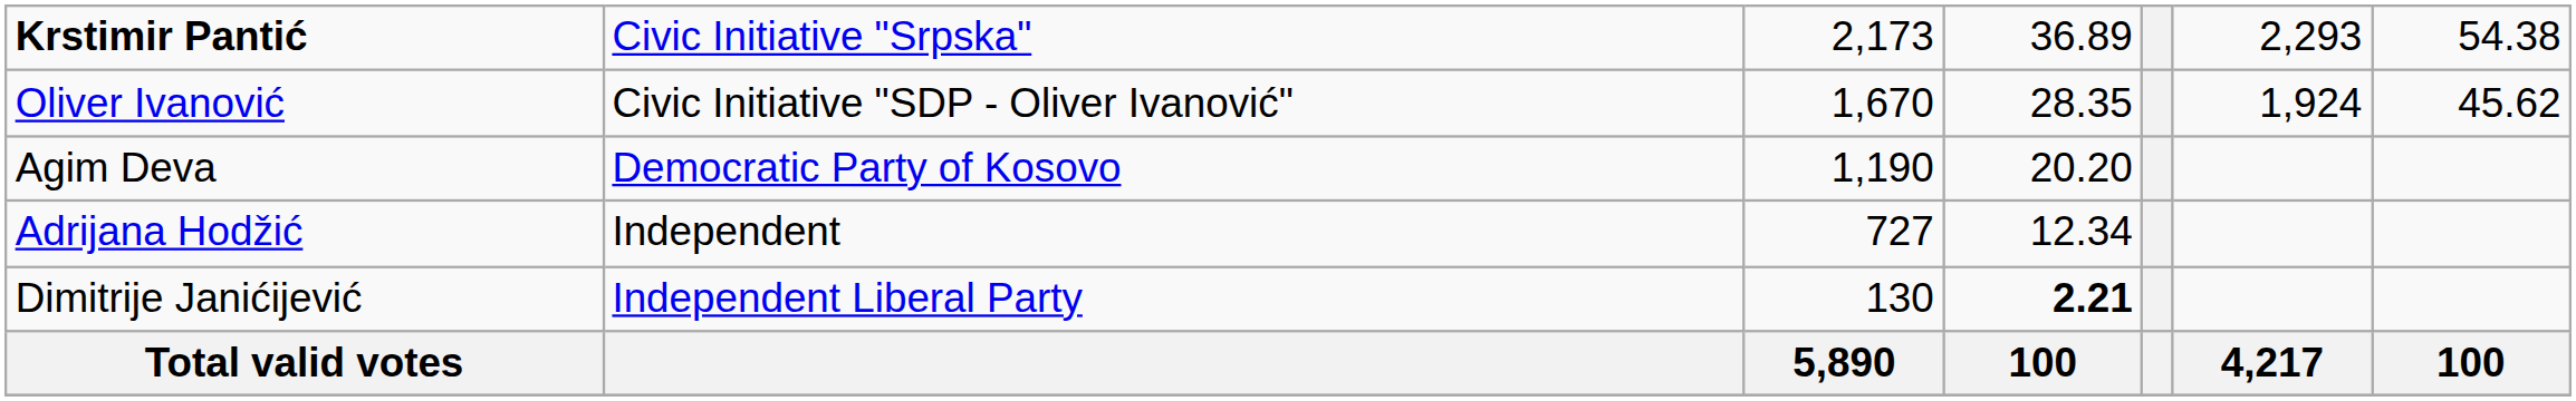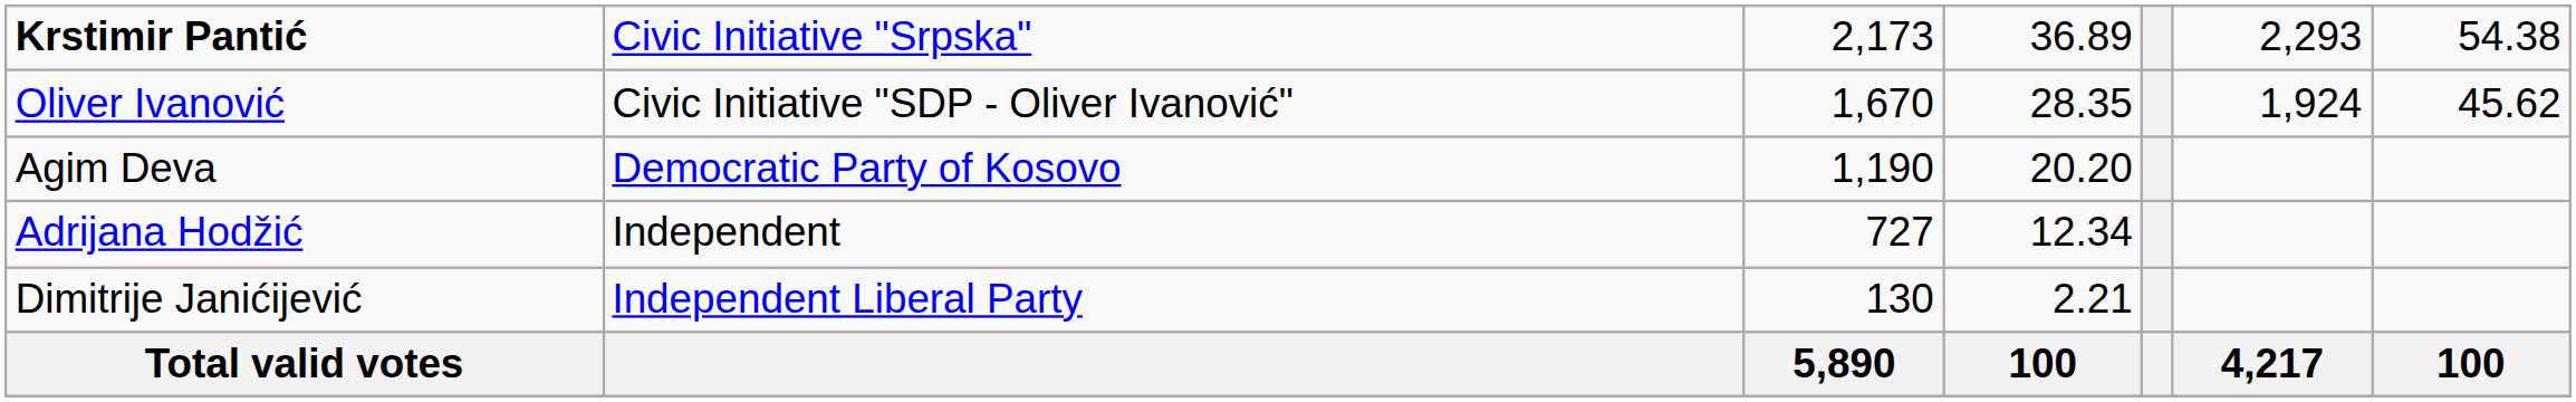 <table style="width:1000px;" class="wikitable">
 <tr>
 <td align="left"><strong>Krstimir Pantić</strong></td>
 <td align="left"><a href='#'>Civic Initiative "Srpska"</a></td>
 <td align="right">2,173</td>
 <td align="right">36.89</td>
 <th align="left"></th>
 <td align="right">2,293</td>
 <td align="right">54.38</td>
 </tr>
 <tr>
 <td align="left"><a href='#'>Oliver Ivanović</a></td>
 <td align="left">Civic Initiative "SDP - Oliver Ivanović"</td>
 <td align="right">1,670</td>
 <td align="right">28.35</td>
 <th align="left"></th>
 <td align="right">1,924</td>
 <td align="right">45.62</td>
 </tr>
 <tr>
 <td align="left">Agim Deva</td>
 <td align="left"><a href='#'>Democratic Party of Kosovo</a></td>
 <td align="right">1,190</td>
 <td align="right">20.20</td>
 <th align="left"></th>
 <td align="right"></td>
 <td align="right"></td>
 </tr>
 <tr>
 <td align="left"><a href='#'>Adrijana Hodžić</a></td>
 <td align="left">Independent</td>
 <td align="right">727</td>
 <td align="right">12.34</td>
 <th align="left"></th>
 <td align="right"></td>
 <td align="right"></td>
 </tr>
 <tr>
 <td align="left">Dimitrije Janićijević</td>
 <td align="left"><a href='#'>Independent Liberal Party</a></td>
 <td align="right">130</td>
-<td align="right"><strong>2.21</strong></td>
+<td align="right">2.21</td>
 <th align="left"></th>
 <td align="right"></td>
 <td align="right"></td>
 </tr>
 <tr>
 <th align="left">Total valid votes</th>
 <th align="left"></th>
 <th align="right">5,890</th>
 <th align="right">100</th>
 <th align="left"></th>
 <th align="right">4,217</th>
 <th align="right">100</th>
 </tr>
 <tr>
 </tr>
 </table>
